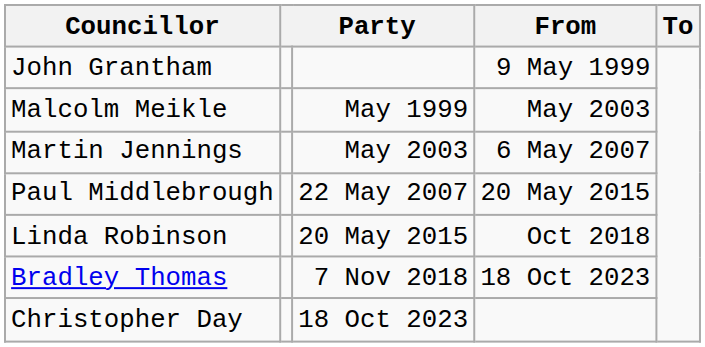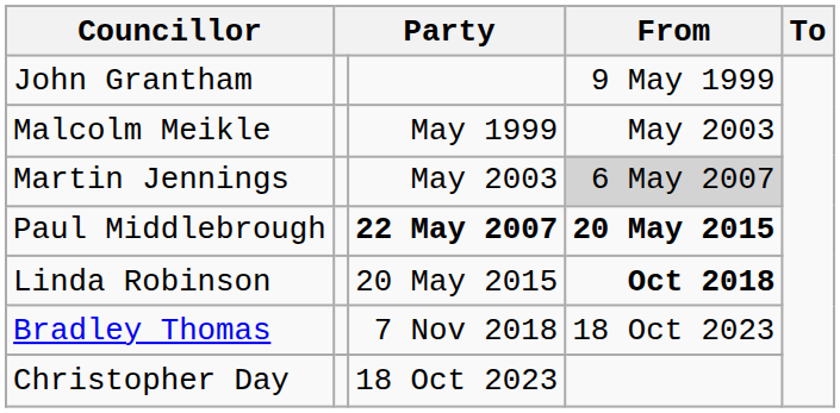 <table class=wikitable>
 <tr>
 <th>Councillor</th>
 <th colspan=2>Party</th>
 <th>From</th>
 <th>To</th>
 </tr>
 <tr>
 <td>John Grantham</td>
 <td></td>
 <td align=right></td>
 <td align=right>9 May 1999</td>
 </tr>
 <tr>
 <td>Malcolm Meikle</td>
 <td></td>
 <td align=right>May 1999</td>
 <td align=right>May 2003</td>
 </tr>
 <tr>
 <td>Martin Jennings</td>
 <td></td>
 <td align=right>May 2003</td>
-<td align=right>6 May 2007</td>
+<td align=right style="background: lightgrey;">6 May 2007</td>
 </tr>
 <tr>
 <td>Paul Middlebrough</td>
 <td></td>
-<td align=right>22 May 2007</td>
-<td align=right>20 May 2015</td>
+<td align=right><strong>22 May 2007</strong></td>
+<td align=right><strong>20 May 2015</strong></td>
 </tr>
 <tr>
 <td>Linda Robinson</td>
 <td></td>
 <td align=right>20 May 2015</td>
-<td align=right>Oct 2018</td>
+<td align=right><strong>Oct 2018</strong></td>
 </tr>
 <tr>
 <td><a href='#'>Bradley Thomas</a></td>
 <td></td>
 <td align=right>7 Nov 2018</td>
 <td align=right>18 Oct 2023</td>
 </tr>
 <tr>
 <td>Christopher Day</td>
 <td></td>
 <td align=right>18 Oct 2023</td>
 <td align=right></td>
 </tr>
 </table>
